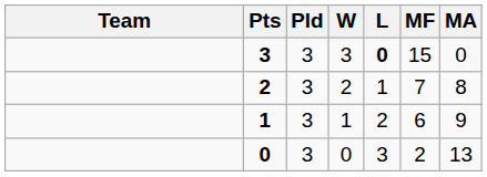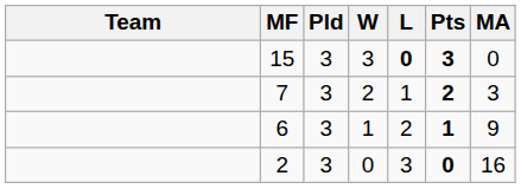 <table class=wikitable style="text-align:center">
 <tr>
 <th width=175>Team</th>
-<th width=20>Pts</th>
+<th width=20>MF</th>
 <th width=20>Pld</th>
 <th width=20>W</th>
 <th width=20>L</th>
-<th width=20>MF</th>
+<th width=20>Pts</th>
 <th width=20>MA</th>
 </tr>
 <tr>
 <td style="text-align:left"></td>
-<td><strong>3</strong></td>
+<td>15</td>
 <td>3</td>
 <td>3</td>
 <td><strong>0</strong></td>
-<td>15</td>
+<td><strong>3</strong></td>
 <td>0</td>
 </tr>
 <tr>
 <td style="text-align:left"></td>
-<td><strong>2</strong></td>
+<td>7</td>
 <td>3</td>
 <td>2</td>
 <td>1</td>
-<td>7</td>
-<td>8</td>
+<td><strong>2</strong></td>
+<td>3</td>
 </tr>
 <tr>
 <td style="text-align:left"></td>
-<td><strong>1</strong></td>
+<td>6</td>
 <td>3</td>
 <td>1</td>
 <td>2</td>
-<td>6</td>
+<td><strong>1</strong></td>
 <td>9</td>
 </tr>
 <tr>
 <td style="text-align:left"></td>
-<td><strong>0</strong></td>
+<td>2</td>
 <td>3</td>
 <td>0</td>
 <td>3</td>
-<td>2</td>
-<td>13</td>
+<td><strong>0</strong></td>
+<td>16</td>
 </tr>
 </table>
